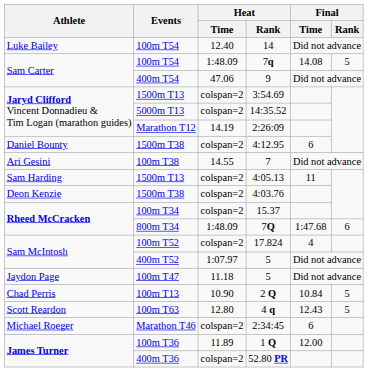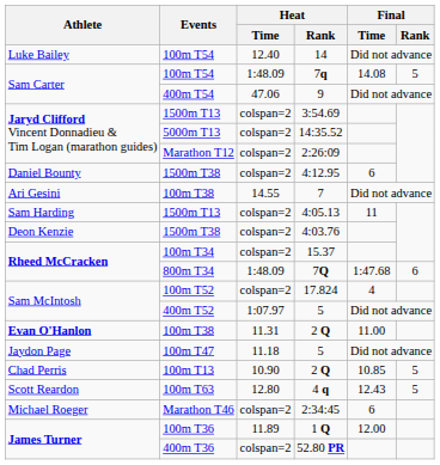 <table class=wikitable>
 <tr>
 <th rowspan="2">Athlete</th>
 <th rowspan="2">Events</th>
 <th colspan="2">Heat</th>
 <th colspan="2">Final</th>
 </tr>
 <tr>
 <th>Time</th>
 <th>Rank</th>
 <th>Time</th>
 <th>Rank</th>
 </tr>
 <tr align=center>
 <td align=left><a href='#'>Luke Bailey</a></td>
 <td align=left><a href='#'>100m T54</a></td>
 <td>12.40</td>
 <td>14</td>
 <td align="center" colspan=2>Did not advance</td>
 </tr>
 <tr align=center>
 <td align=left rowspan=2><a href='#'>Sam Carter</a></td>
 <td align=left><a href='#'>100m T54</a></td>
 <td>1:48.09</td>
 <td>7<strong>q</strong></td>
 <td>14.08</td>
 <td>5</td>
 </tr>
 <tr align=center>
 <td align=left><a href='#'>400m T54</a></td>
 <td>47.06</td>
 <td>9</td>
 <td align="center" colspan=2>Did not advance</td>
 </tr>
 <tr align=center>
 <td align=left rowspan=3><strong><a href='#'>Jaryd Clifford</a></strong> <br> Vincent Donnadieu & <br> Tim Logan (marathon guides)</td>
 <td align=left><a href='#'>1500m T13</a></td>
 <td>colspan=2 </td>
 <td>3:54.69</td>
 <td></td>
 </tr>
 <tr align=center>
 <td align=left><a href='#'>5000m T13</a></td>
 <td>colspan=2 </td>
 <td>14:35.52</td>
 <td></td>
 </tr>
 <tr align=center>
 <td align=left><a href='#'>Marathon T12</a></td>
-<td>14.19</td>
+<td>colspan=2 </td>
 <td>2:26:09</td>
 <td></td>
 </tr>
 <tr align=center>
 <td align=left><a href='#'>Daniel Bounty</a></td>
 <td align=left><a href='#'>1500m T38</a></td>
 <td>colspan=2 </td>
 <td>4:12.95</td>
 <td>6</td>
 </tr>
 <tr align=center>
 <td align=left><a href='#'>Ari Gesini</a></td>
 <td align=left><a href='#'>100m T38</a></td>
 <td>14.55</td>
 <td>7</td>
 <td align="center" colspan=2>Did not advance</td>
 </tr>
 <tr align=center>
 <td align=left><a href='#'>Sam Harding</a></td>
 <td align=left><a href='#'>1500m T13</a></td>
 <td>colspan=2 </td>
 <td>4:05.13</td>
 <td>11</td>
 </tr>
 <tr align=center>
 <td align=left><a href='#'>Deon Kenzie</a></td>
 <td align=left><a href='#'>1500m T38</a></td>
 <td>colspan=2 </td>
 <td>4:03.76</td>
 <td></td>
 </tr>
 <tr align=center>
 <td align=left rowspan=2><strong><a href='#'>Rheed McCracken</a></strong></td>
 <td align=left><a href='#'>100m T34</a></td>
 <td>colspan=2 </td>
 <td>15.37</td>
 <td></td>
 </tr>
 <tr align=center>
 <td align=left><a href='#'>800m T34</a></td>
 <td>1:48.09</td>
 <td>7<strong>Q</strong></td>
 <td>1:47.68</td>
 <td>6</td>
 </tr>
 <tr align=center>
 <td align=left rowspan=2><a href='#'>Sam McIntosh</a></td>
 <td align=left><a href='#'>100m T52</a></td>
 <td>colspan=2 </td>
 <td>17.824</td>
 <td>4</td>
 </tr>
 <tr align=center>
 <td align=left><a href='#'>400m T52</a></td>
 <td>1:07.97</td>
 <td>5</td>
 <td align="center" colspan=2>Did not advance</td>
 </tr>
 <tr align=center>
+<td align=left><strong><a href='#'>Evan O'Hanlon</a></strong></td>
+<td align=left><a href='#'>100m T38</a></td>
+<td>11.31</td>
+<td>2 <strong>Q</strong></td>
+<td>11.00</td>
+<td></td>
+</tr>
+<tr align=center>
 <td align=left><a href='#'>Jaydon Page</a></td>
 <td align=left><a href='#'>100m T47</a></td>
 <td>11.18</td>
 <td>5</td>
 <td align="center" colspan=2>Did not advance</td>
 </tr>
 <tr align=center>
 <td align=left><a href='#'>Chad Perris</a></td>
 <td align=left><a href='#'>100m T13</a></td>
 <td>10.90</td>
 <td>2 <strong>Q</strong></td>
-<td>10.84</td>
+<td>10.85</td>
 <td>5</td>
 </tr>
 <tr align=center>
 <td align=left><a href='#'>Scott Reardon</a></td>
 <td align=left><a href='#'>100m T63</a></td>
 <td>12.80</td>
 <td>4 <strong>q</strong></td>
 <td>12.43</td>
 <td>5</td>
 </tr>
 <tr align=center>
 <td align=left><a href='#'>Michael Roeger</a></td>
 <td align=left><a href='#'>Marathon T46</a></td>
 <td>colspan=2 </td>
 <td>2:34:45</td>
 <td>6</td>
 </tr>
 <tr align=center>
 <td rowspan=2 align=left><strong><a href='#'>James Turner</a></strong></td>
 <td align=left><a href='#'>100m T36</a></td>
 <td>11.89</td>
 <td>1 <strong>Q</strong></td>
 <td>12.00</td>
 <td></td>
 </tr>
 <tr align=center>
 <td align=left><a href='#'>400m T36</a></td>
 <td>colspan=2 </td>
 <td>52.80 <strong><a href='#'>PR</a></strong></td>
 <td></td>
 </tr>
 </table>
